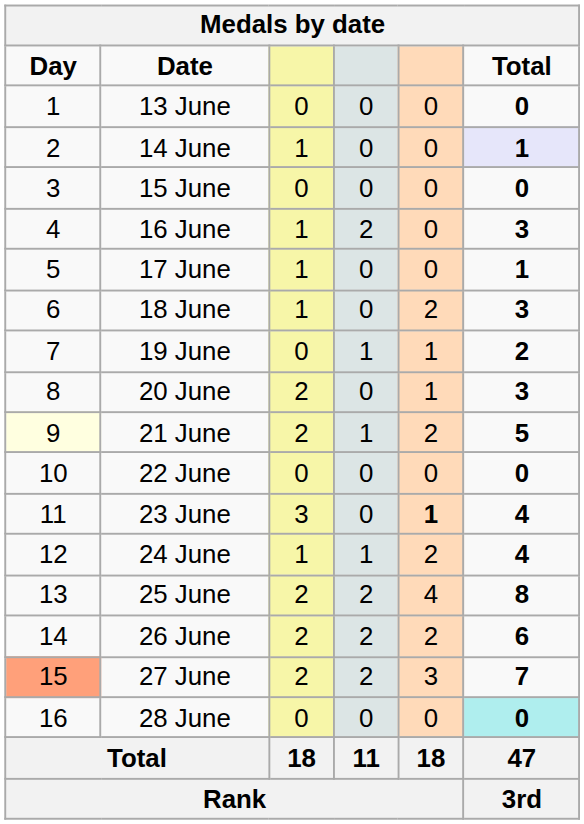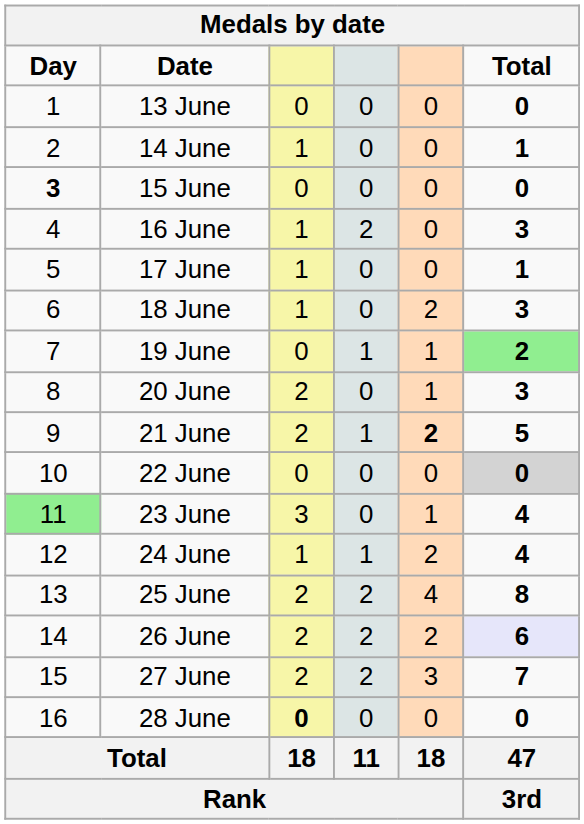 <table class="wikitable" style="font-size:85%; text-align:center;" align="right" width="24%">
 <tr style="background:#efefef;">
 <th colspan=6><strong>Medals by date</strong></th>
 </tr>
 <tr>
 <td><strong>Day</strong></td>
 <td><strong>Date</strong></td>
 <td style="background:#F7F6A8;"></td>
 <td style="background:#DCE5E5;"></td>
 <td style="background:#FFDAB9;"></td>
 <td><strong>Total</strong></td>
 </tr>
 <tr>
 <td>1</td>
 <td>13 June</td>
 <td style="background:#F7F6A8;">0</td>
 <td style="background:#DCE5E5;">0</td>
 <td style="background:#FFDAB9;">0</td>
 <td><strong>0</strong></td>
 </tr>
 <tr>
 <td>2</td>
 <td>14 June</td>
 <td style="background:#F7F6A8;">1</td>
 <td style="background:#DCE5E5;">0</td>
 <td style="background:#FFDAB9;">0</td>
-<td style="background: lavender;"><strong>1</strong></td>
+<td><strong>1</strong></td>
 </tr>
 <tr>
-<td>3</td>
+<td><strong>3</strong></td>
 <td>15 June</td>
 <td style="background:#F7F6A8;">0</td>
 <td style="background:#DCE5E5;">0</td>
 <td style="background:#FFDAB9;">0</td>
 <td><strong>0</strong></td>
 </tr>
 <tr>
 <td>4</td>
 <td>16 June</td>
 <td style="background:#F7F6A8;">1</td>
 <td style="background:#DCE5E5;">2</td>
 <td style="background:#FFDAB9;">0</td>
 <td><strong>3</strong></td>
 </tr>
 <tr>
 <td>5</td>
 <td>17 June</td>
 <td style="background:#F7F6A8;">1</td>
 <td style="background:#DCE5E5;">0</td>
 <td style="background:#FFDAB9;">0</td>
 <td><strong>1</strong></td>
 </tr>
 <tr>
 <td>6</td>
 <td>18 June</td>
 <td style="background:#F7F6A8;">1</td>
 <td style="background:#DCE5E5;">0</td>
 <td style="background:#FFDAB9;">2</td>
 <td><strong>3</strong></td>
 </tr>
 <tr>
 <td>7</td>
 <td>19 June</td>
 <td style="background:#F7F6A8;">0</td>
 <td style="background:#DCE5E5;">1</td>
 <td style="background:#FFDAB9;">1</td>
-<td><strong>2</strong></td>
+<td style="background: lightgreen;"><strong>2</strong></td>
 </tr>
 <tr>
 <td>8</td>
 <td>20 June</td>
 <td style="background:#F7F6A8;">2</td>
 <td style="background:#DCE5E5;">0</td>
 <td style="background:#FFDAB9;">1</td>
 <td><strong>3</strong></td>
 </tr>
 <tr>
-<td style="background: lightyellow;">9</td>
+<td>9</td>
 <td>21 June</td>
 <td style="background:#F7F6A8;">2</td>
 <td style="background:#DCE5E5;">1</td>
-<td style="background:#FFDAB9;">2</td>
+<td style="background:#FFDAB9;"><strong>2</strong></td>
 <td><strong>5</strong></td>
 </tr>
 <tr>
 <td>10</td>
 <td>22 June</td>
 <td style="background:#F7F6A8;">0</td>
 <td style="background:#DCE5E5;">0</td>
 <td style="background:#FFDAB9;">0</td>
-<td><strong>0</strong></td>
+<td style="background: lightgrey;"><strong>0</strong></td>
 </tr>
 <tr>
-<td>11</td>
+<td style="background: lightgreen;">11</td>
 <td>23 June</td>
 <td style="background:#F7F6A8;">3</td>
 <td style="background:#DCE5E5;">0</td>
-<td style="background:#FFDAB9;"><strong>1</strong></td>
+<td style="background:#FFDAB9;">1</td>
 <td><strong>4</strong></td>
 </tr>
 <tr>
 <td>12</td>
 <td>24 June</td>
 <td style="background:#F7F6A8;">1</td>
 <td style="background:#DCE5E5;">1</td>
 <td style="background:#FFDAB9;">2</td>
 <td><strong>4</strong></td>
 </tr>
 <tr>
 <td>13</td>
 <td>25 June</td>
 <td style="background:#F7F6A8;">2</td>
 <td style="background:#DCE5E5;">2</td>
 <td style="background:#FFDAB9;">4</td>
 <td><strong>8</strong></td>
 </tr>
 <tr>
 <td>14</td>
 <td>26 June</td>
 <td style="background:#F7F6A8;">2</td>
 <td style="background:#DCE5E5;">2</td>
 <td style="background:#FFDAB9;">2</td>
-<td><strong>6</strong></td>
+<td style="background: lavender;"><strong>6</strong></td>
 </tr>
 <tr>
-<td style="background: lightsalmon;">15</td>
+<td>15</td>
 <td>27 June</td>
 <td style="background:#F7F6A8;">2</td>
 <td style="background:#DCE5E5;">2</td>
 <td style="background:#FFDAB9;">3</td>
 <td><strong>7</strong></td>
 </tr>
 <tr>
 <td>16</td>
 <td>28 June</td>
-<td style="background:#F7F6A8;">0</td>
+<td style="background:#F7F6A8;"><strong>0</strong></td>
 <td style="background:#DCE5E5;">0</td>
 <td style="background:#FFDAB9;">0</td>
-<td style="background: paleturquoise;"><strong>0</strong></td>
+<td><strong>0</strong></td>
 </tr>
 <tr>
 <th colspan="2"><strong>Total</strong></th>
 <th><strong>18</strong></th>
 <th><strong>11</strong></th>
 <th><strong>18</strong></th>
 <th><strong>47</strong></th>
 </tr>
 <tr>
 <th colspan="5"><strong>Rank</strong></th>
 <th><strong>3rd</strong></th>
 </tr>
 </table>
